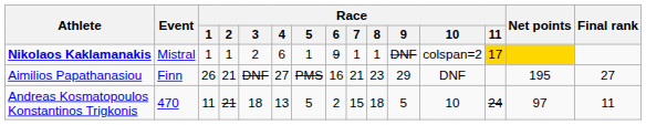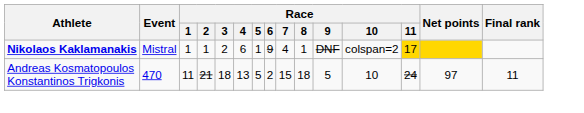 <table class="wikitable" style="font-size:90%">
 <tr>
 <th rowspan="2">Athlete</th>
 <th rowspan="2">Event</th>
 <th colspan=11>Race</th>
 <th rowspan=2>Net points</th>
 <th rowspan=2>Final rank</th>
 </tr>
 <tr style="font-size:95%">
 <th>1</th>
 <th>2</th>
 <th>3</th>
 <th>4</th>
 <th>5</th>
 <th>6</th>
 <th>7</th>
 <th>8</th>
 <th>9</th>
 <th>10</th>
 <th>11</th>
 </tr>
 <tr align=center>
 <td align=left><strong><a href='#'>Nikolaos Kaklamanakis</a></strong></td>
 <td align=left><a href='#'>Mistral</a></td>
 <td>1</td>
 <td>1</td>
 <td>2</td>
 <td>6</td>
 <td>1</td>
 <td><s>9</s></td>
-<td>1</td>
+<td>4</td>
 <td>1</td>
 <td><s>DNF</s></td>
 <td>colspan=2 </td>
 <td align="center" bgcolor='gold'>17</td>
 <td align="center" bgcolor='gold'></td>
-</tr>
-<tr align=center>
-<td align=left><a href='#'>Aimilios Papathanasiou</a></td>
-<td align=left><a href='#'>Finn</a></td>
-<td>26</td>
-<td>21</td>
-<td><s>DNF</s></td>
-<td>27</td>
-<td><s>PMS</s></td>
-<td>16</td>
-<td>21</td>
-<td>23</td>
-<td>29</td>
-<td>DNF</td>
-<td></td>
-<td>195</td>
-<td>27</td>
 </tr>
 <tr align=center>
 <td align=left><a href='#'>Andreas Kosmatopoulos</a><br><a href='#'>Konstantinos Trigkonis</a></td>
 <td align=left><a href='#'>470</a></td>
 <td>11</td>
 <td><s>21</s></td>
 <td>18</td>
 <td>13</td>
 <td>5</td>
 <td>2</td>
 <td>15</td>
 <td>18</td>
 <td>5</td>
 <td>10</td>
 <td><s>24</s></td>
 <td>97</td>
 <td>11</td>
 </tr>
 </table>
